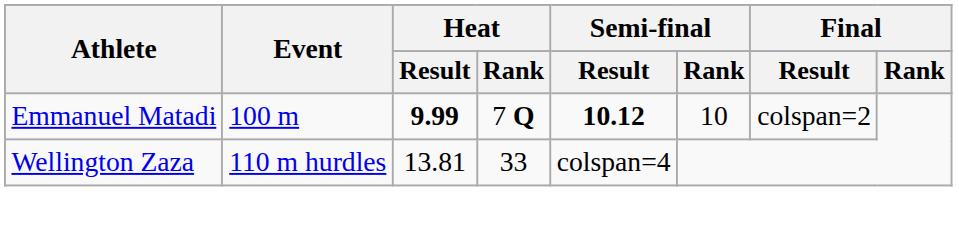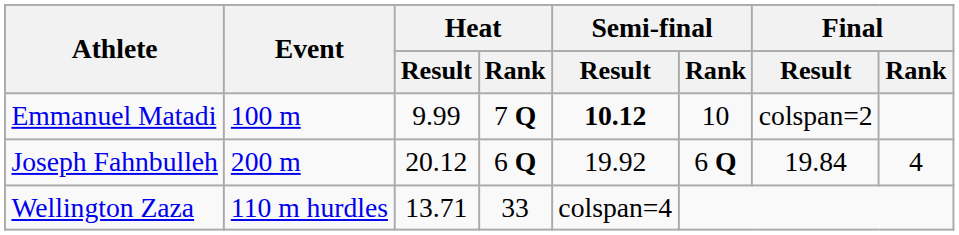 <table class=wikitable style=font-size:90%>
 <tr>
 <th rowspan=2>Athlete</th>
 <th rowspan=2>Event</th>
 <th colspan=2>Heat</th>
 <th colspan=2>Semi-final</th>
 <th colspan=2>Final</th>
 </tr>
 <tr style=font-size:95%>
 <th>Result</th>
 <th>Rank</th>
 <th>Result</th>
 <th>Rank</th>
 <th>Result</th>
 <th>Rank</th>
 </tr>
 <tr align=center>
 <td align=left><a href='#'>Emmanuel Matadi</a></td>
 <td align=left><a href='#'>100 m</a></td>
-<td><strong>9.99</strong></td>
+<td>9.99</td>
 <td>7 <strong>Q</strong></td>
 <td><strong>10.12</strong></td>
 <td>10</td>
 <td>colspan=2 </td>
 </tr>
 <tr align=center>
+<td align=left><a href='#'>Joseph Fahnbulleh</a></td>
+<td align=left><a href='#'>200 m</a></td>
+<td>20.12</td>
+<td>6 <strong>Q</strong></td>
+<td>19.92</td>
+<td>6 <strong>Q</strong></td>
+<td>19.84</td>
+<td>4</td>
+</tr>
+<tr align=center>
 <td align=left><a href='#'>Wellington Zaza</a></td>
 <td align=left><a href='#'>110 m hurdles</a></td>
-<td>13.81</td>
+<td>13.71</td>
 <td>33</td>
 <td>colspan=4 </td>
 </tr>
 </table>
